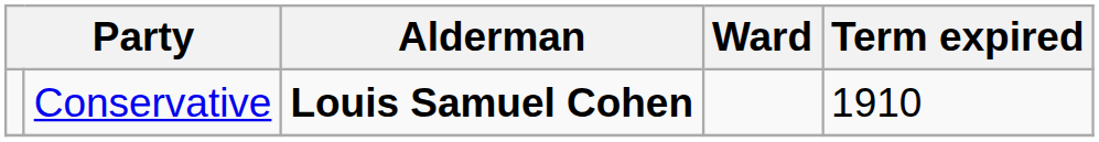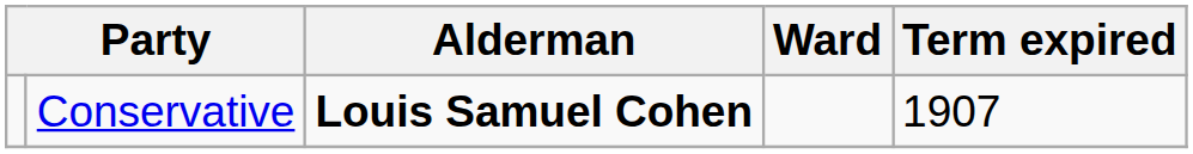 <table class="wikitable">
 <tr>
 <th colspan="2">Party</th>
 <th>Alderman</th>
 <th>Ward</th>
 <th>Term expired</th>
 </tr>
 <tr>
 <td style="background-color:"></td>
 <td><a href='#'>Conservative</a></td>
 <td><strong>Louis Samuel Cohen</strong></td>
 <td><strong></strong></td>
-<td>1910</td>
+<td>1907</td>
 </tr>
 <tr>
 </tr>
 </table>
